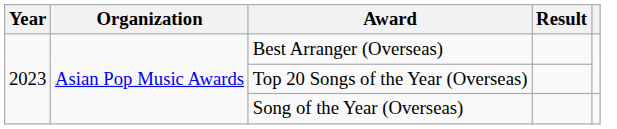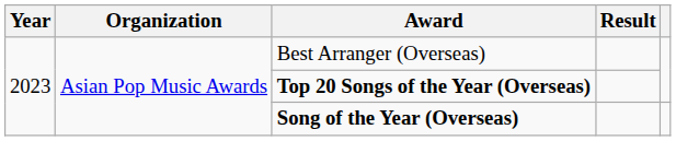 <table class="wikitable plainrowheaders">
 <tr align=center>
 <th scope="col">Year</th>
 <th scope="col">Organization</th>
 <th scope="col">Award</th>
 <th scope="col">Result</th>
 <th scope="col"></th>
 </tr>
 <tr>
 <td align="center" rowspan="3">2023</td>
 <td rowspan="3"><a href='#'>Asian Pop Music Awards</a></td>
 <td>Best Arranger (Overseas)</td>
 <td></td>
 <td style="text-align:center" rowspan="2"></td>
 </tr>
 <tr>
-<td>Top 20 Songs of the Year (Overseas)</td>
+<td><strong>Top 20 Songs of the Year (Overseas)</strong></td>
 <td></td>
 </tr>
 <tr>
-<td>Song of the Year (Overseas)</td>
+<td><strong>Song of the Year (Overseas)</strong></td>
 <td></td>
 <td style="text-align:center"></td>
 </tr>
 </table>
